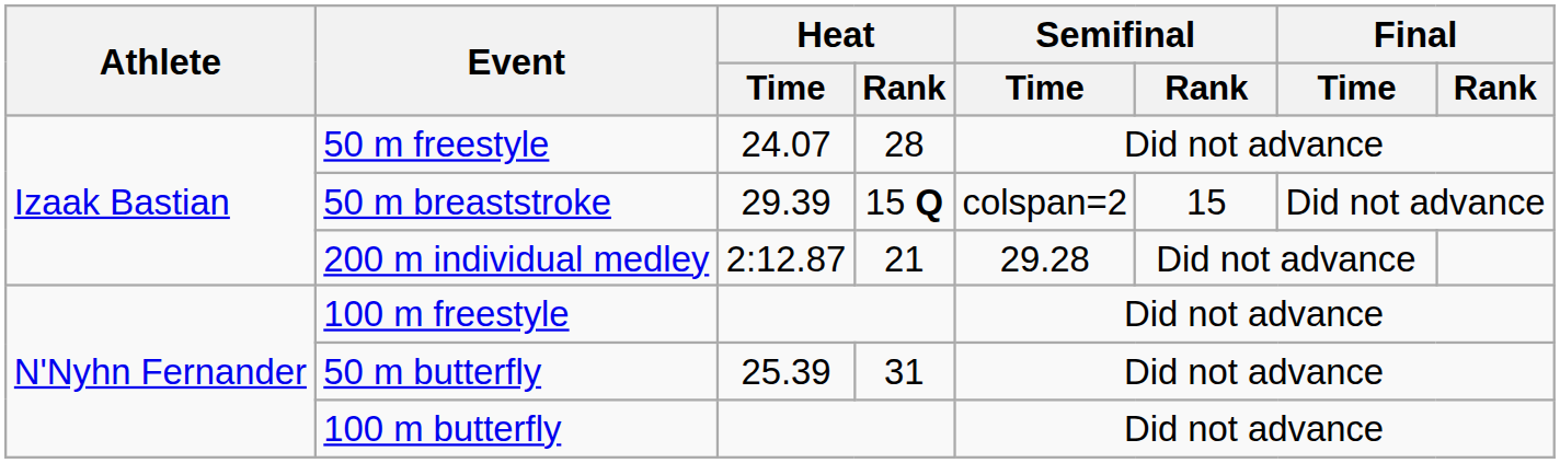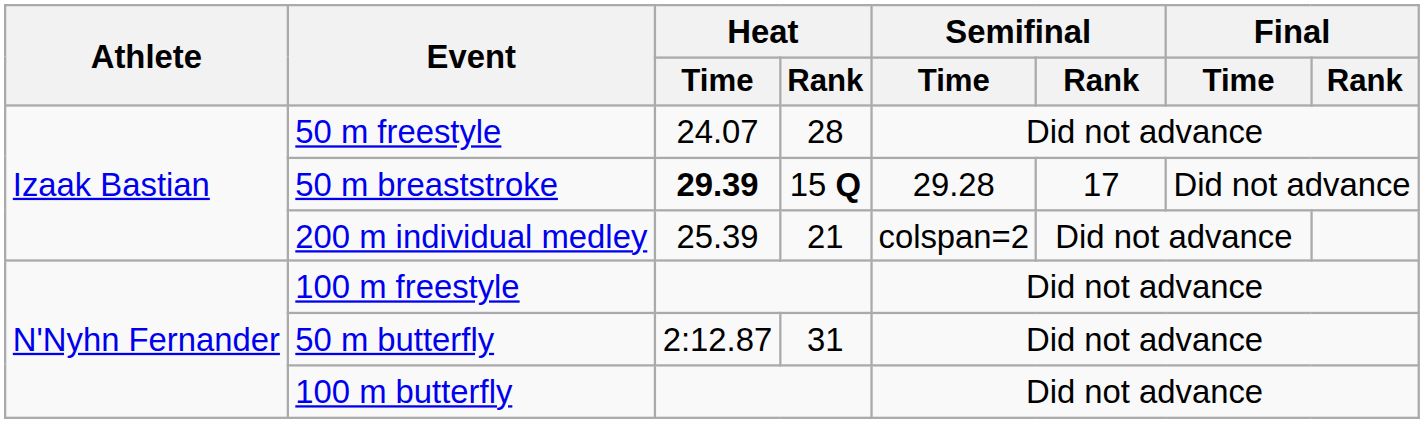 <table class=wikitable style=font-size:90%>
 <tr>
 <th rowspan=2>Athlete</th>
 <th rowspan=2>Event</th>
 <th colspan=2>Heat</th>
 <th colspan=2>Semifinal</th>
 <th colspan=2>Final</th>
 </tr>
 <tr style=font-size:95%>
 <th>Time</th>
 <th>Rank</th>
 <th>Time</th>
 <th>Rank</th>
 <th>Time</th>
 <th>Rank</th>
 </tr>
 <tr align=center>
 <td align=left rowspan=3><a href='#'>Izaak Bastian</a></td>
 <td align=left><a href='#'>50 m freestyle</a></td>
 <td>24.07</td>
 <td>28</td>
 <td colspan=4>Did not advance</td>
 </tr>
 <tr align=center>
 <td align=left><a href='#'>50 m breaststroke</a></td>
-<td>29.39</td>
+<td><strong>29.39</strong></td>
 <td>15 <strong>Q</strong></td>
-<td>colspan=2 </td>
-<td>15</td>
+<td>29.28</td>
+<td>17</td>
 <td colspan=2>Did not advance</td>
 </tr>
 <tr align=center>
 <td align=left><a href='#'>200 m individual medley</a></td>
-<td>2:12.87</td>
+<td>25.39</td>
 <td>21</td>
-<td>29.28</td>
+<td>colspan=2 </td>
 <td colspan=2>Did not advance</td>
 </tr>
 <tr align=center>
 <td align=left rowspan=3><a href='#'>N'Nyhn Fernander</a></td>
 <td align=left><a href='#'>100 m freestyle</a></td>
 <td colspan=2></td>
 <td colspan=4>Did not advance</td>
 </tr>
 <tr align=center>
 <td align=left><a href='#'>50 m butterfly</a></td>
-<td>25.39</td>
+<td>2:12.87</td>
 <td>31</td>
 <td colspan=4>Did not advance</td>
 </tr>
 <tr align=center>
 <td align=left><a href='#'>100 m butterfly</a></td>
 <td colspan=2></td>
 <td colspan=4>Did not advance</td>
 </tr>
 </table>
